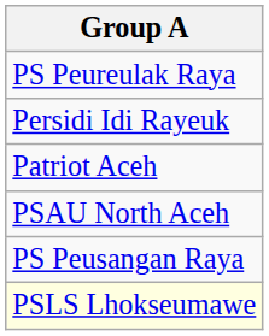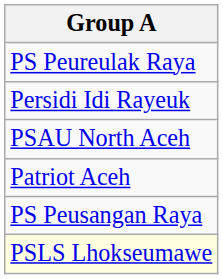 <table class="wikitable">
 <tr>
 <th><strong>Group A</strong></th>
 </tr>
 <tr>
 <td><a href='#'>PS Peureulak Raya</a></td>
 </tr>
 <tr>
 <td><a href='#'>Persidi Idi Rayeuk</a></td>
 </tr>
 <tr>
-<td><a href='#'>Patriot Aceh</a></td>
+<td><a href='#'>PSAU North Aceh</a></td>
 </tr>
 <tr>
-<td><a href='#'>PSAU North Aceh</a></td>
+<td><a href='#'>Patriot Aceh</a></td>
 </tr>
 <tr>
 <td><a href='#'>PS Peusangan Raya</a></td>
 </tr>
 <tr>
 <td style="background: lightyellow;"><a href='#'>PSLS Lhokseumawe</a></td>
 </tr>
 </table>
